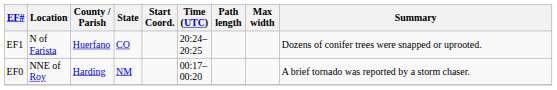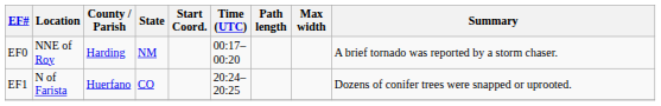 <table class="wikitable sortable" style="width:100%;">
 <tr>
 <th scope="col"  style="width:3%; text-align:center;"><a href='#'>EF#</a></th>
 <th scope="col"  style="width:7%; text-align:center;" class="unsortable">Location</th>
 <th scope="col"  style="width:6%; text-align:center;" class="unsortable">County / Parish</th>
 <th scope="col"  style="width:5%; text-align:center;">State</th>
 <th scope="col"  style="width:6%; text-align:center;">Start Coord.</th>
 <th scope="col"  style="width:6%; text-align:center;">Time (<a href='#'>UTC</a>)</th>
 <th scope="col"  style="width:6%; text-align:center;">Path length</th>
 <th scope="col"  style="width:6%; text-align:center;">Max width</th>
 <th scope="col" class="unsortable" style="width:48%; text-align:center;">Summary</th>
 </tr>
 <tr>
+<td>EF0</td>
+<td>NNE of <a href='#'>Roy</a></td>
+<td><a href='#'>Harding</a></td>
+<td><a href='#'>NM</a></td>
+<td></td>
+<td>00:17–00:20</td>
+<td></td>
+<td></td>
+<td>A brief tornado was reported by a storm chaser.</td>
+</tr>
+<tr>
 <td>EF1</td>
 <td>N of <a href='#'>Farista</a></td>
 <td><a href='#'>Huerfano</a></td>
 <td><a href='#'>CO</a></td>
 <td></td>
 <td>20:24–20:25</td>
 <td></td>
 <td></td>
 <td>Dozens of conifer trees were snapped or uprooted.</td>
 </tr>
 <tr>
-<td>EF0</td>
-<td>NNE of <a href='#'>Roy</a></td>
-<td><a href='#'>Harding</a></td>
-<td><a href='#'>NM</a></td>
-<td></td>
-<td>00:17–00:20</td>
-<td></td>
-<td></td>
-<td>A brief tornado was reported by a storm chaser.</td>
-</tr>
-<tr>
 </tr>
 </table>
